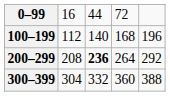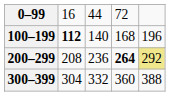 <table class="wikitable">
 <tr>
 <th>0–99</th>
 <td>16</td>
 <td>44</td>
 <td>72</td>
 <td></td>
 </tr>
 <tr>
 <th>100–199</th>
-<td>112</td>
+<td><strong>112</strong></td>
 <td>140</td>
 <td>168</td>
 <td>196</td>
 </tr>
 <tr>
 <th>200–299</th>
 <td>208</td>
-<td><strong>236</strong></td>
-<td>264</td>
-<td>292</td>
+<td>236</td>
+<td><strong>264</strong></td>
+<td style="background: khaki;">292</td>
 </tr>
 <tr>
 <th>300–399</th>
 <td>304</td>
 <td>332</td>
 <td>360</td>
 <td>388</td>
 </tr>
 </table>
